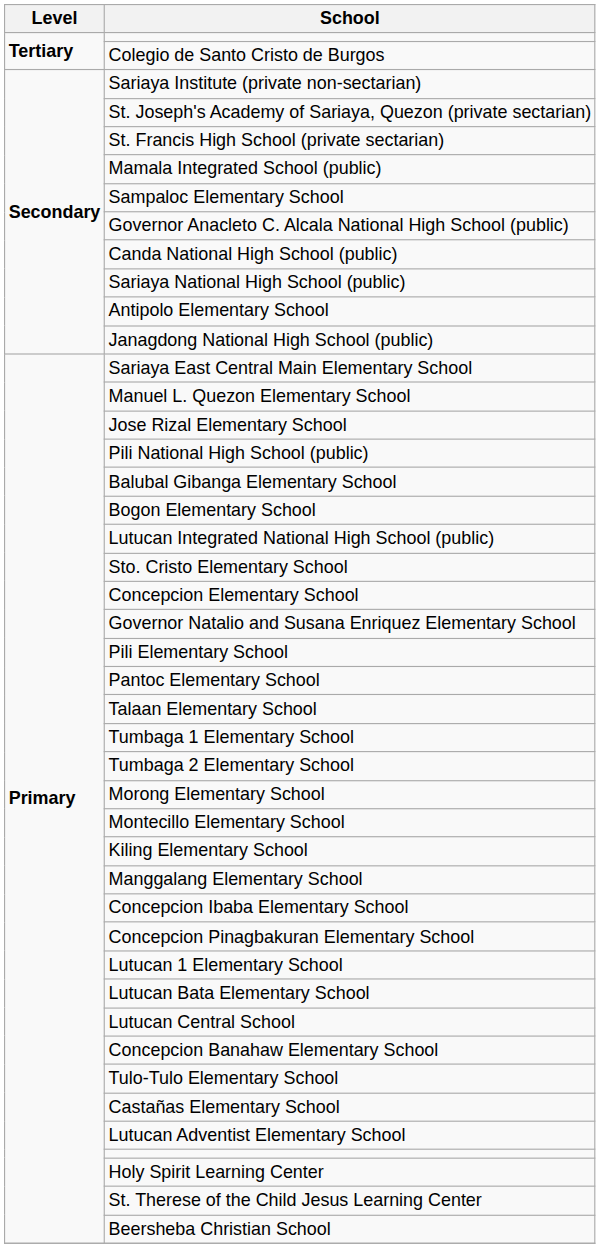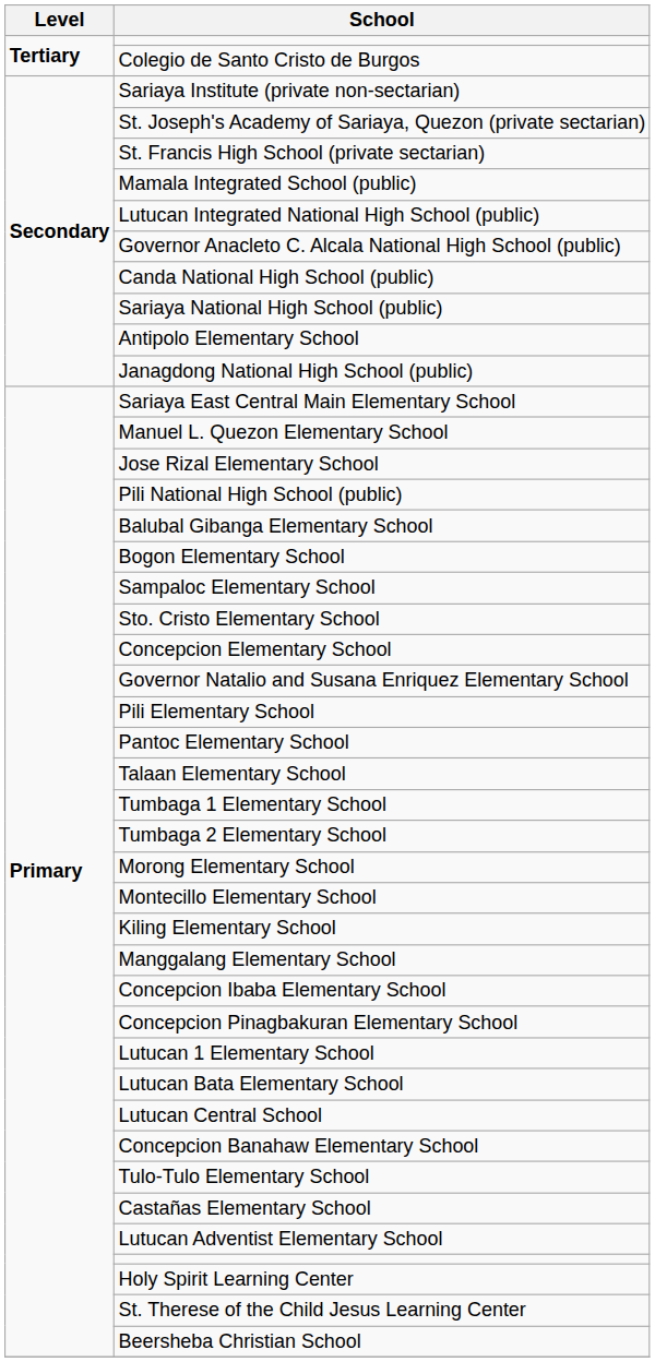 <table class=wikitable>
 <tr>
 <th>Level</th>
 <th>School</th>
 </tr>
 <tr>
 <td rowspan=2><strong>Tertiary</strong></td>
 <td></td>
 </tr>
 <tr>
 <td>Colegio de Santo Cristo de Burgos</td>
 </tr>
 <tr>
 <td rowspan=10><strong>Secondary</strong></td>
 <td>Sariaya Institute (private non-sectarian)</td>
 </tr>
 <tr>
 <td>St. Joseph's Academy of Sariaya, Quezon (private sectarian)</td>
 </tr>
 <tr>
 <td>St. Francis High School (private sectarian)</td>
 </tr>
 <tr>
 <td>Mamala Integrated School (public)</td>
 </tr>
 <tr>
-<td>Sampaloc Elementary School</td>
+<td>Lutucan Integrated National High School (public)</td>
 </tr>
 <tr>
 <td>Governor Anacleto C. Alcala National High School (public)</td>
 </tr>
 <tr>
 <td>Canda National High School (public)</td>
 </tr>
 <tr>
 <td>Sariaya National High School (public)</td>
 </tr>
 <tr>
 <td>Antipolo Elementary School</td>
 </tr>
 <tr>
 <td>Janagdong National High School (public)</td>
 </tr>
 <tr>
 <td rowspan=32><strong>Primary</strong></td>
 <td>Sariaya East Central Main Elementary School</td>
 </tr>
 <tr>
 <td>Manuel L. Quezon Elementary School</td>
 </tr>
 <tr>
 <td>Jose Rizal Elementary School</td>
 </tr>
 <tr>
 <td>Pili National High School (public)</td>
 </tr>
 <tr>
 <td>Balubal Gibanga Elementary School</td>
 </tr>
 <tr>
 <td>Bogon Elementary School</td>
 </tr>
 <tr>
-<td>Lutucan Integrated National High School (public)</td>
+<td>Sampaloc Elementary School</td>
 </tr>
 <tr>
 <td>Sto. Cristo Elementary School</td>
 </tr>
 <tr>
 <td>Concepcion Elementary School</td>
 </tr>
 <tr>
 <td>Governor Natalio and Susana Enriquez Elementary School</td>
 </tr>
 <tr>
 <td>Pili Elementary School</td>
 </tr>
 <tr>
 <td>Pantoc Elementary School</td>
 </tr>
 <tr>
 <td>Talaan Elementary School</td>
 </tr>
 <tr>
 <td>Tumbaga 1 Elementary School</td>
 </tr>
 <tr>
 <td>Tumbaga 2 Elementary School</td>
 </tr>
 <tr>
 <td>Morong Elementary School</td>
 </tr>
 <tr>
 <td>Montecillo Elementary School</td>
 </tr>
 <tr>
 <td>Kiling Elementary School</td>
 </tr>
 <tr>
 <td>Manggalang Elementary School</td>
 </tr>
 <tr>
 <td>Concepcion Ibaba Elementary School</td>
 </tr>
 <tr>
 <td>Concepcion Pinagbakuran Elementary School</td>
 </tr>
 <tr>
 <td>Lutucan 1 Elementary School</td>
 </tr>
 <tr>
 <td>Lutucan Bata Elementary School</td>
 </tr>
 <tr>
 <td>Lutucan Central School</td>
 </tr>
 <tr>
 <td>Concepcion Banahaw Elementary School</td>
 </tr>
 <tr>
 <td>Tulo-Tulo Elementary School</td>
 </tr>
 <tr>
 <td>Castañas Elementary School</td>
 </tr>
 <tr>
 <td>Lutucan Adventist Elementary School</td>
 </tr>
 <tr>
 <td></td>
 </tr>
 <tr>
 <td>Holy Spirit Learning Center</td>
 </tr>
 <tr>
 <td>St. Therese of the Child Jesus Learning Center</td>
 </tr>
 <tr>
 <td>Beersheba Christian School</td>
 </tr>
 <tr>
 </tr>
 </table>
